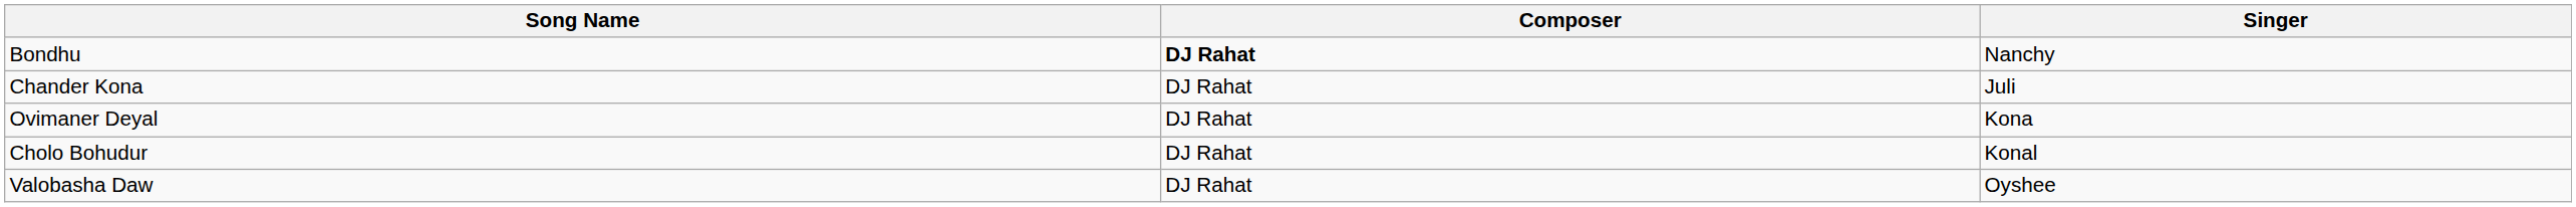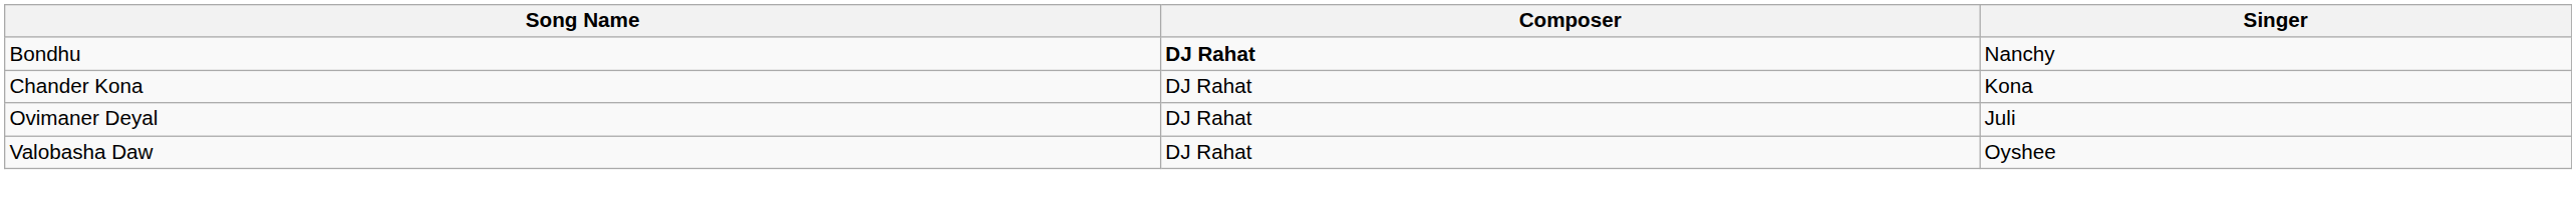 <table class="wikitable sortable collapsible" style="width: 100%;">
 <tr>
 <th style="*background:d0e5f5;">Song Name</th>
 <th style="*background:d0e5f5;">Composer</th>
 <th style="*background:d0e5f5;">Singer</th>
 </tr>
 <tr>
 <td>Bondhu </td>
 <td><strong>DJ Rahat</strong></td>
 <td>Nanchy</td>
 </tr>
 <tr>
 <td>Chander Kona</td>
 <td>DJ Rahat</td>
-<td>Juli</td>
+<td>Kona</td>
 </tr>
 <tr>
 <td>Ovimaner Deyal</td>
 <td>DJ Rahat</td>
-<td>Kona</td>
-</tr>
-<tr>
-<td>Cholo Bohudur</td>
-<td>DJ Rahat</td>
-<td>Konal</td>
+<td>Juli</td>
 </tr>
 <tr>
 <td>Valobasha Daw</td>
 <td>DJ Rahat</td>
 <td>Oyshee</td>
 </tr>
 </table>
